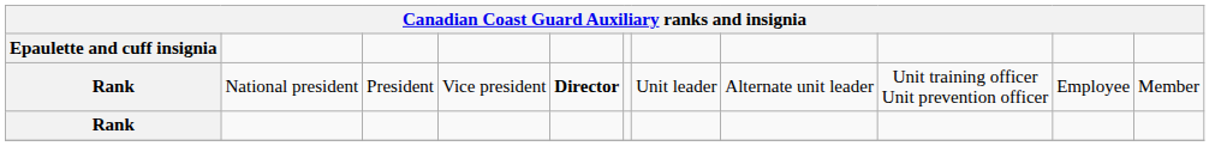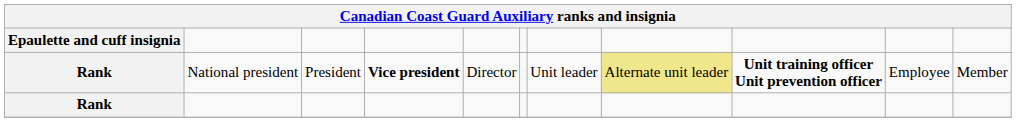 <table class="wikitable" style="text-align: center;">
 <tr>
 <th colspan=20><a href='#'>Canadian Coast Guard Auxiliary</a> ranks and insignia</th>
 </tr>
 <tr>
 <th>Epaulette and cuff insignia</th>
 <td></td>
 <td></td>
 <td></td>
 <td></td>
 <td></td>
 <td></td>
 <td></td>
 <td></td>
 <td></td>
 <td></td>
 </tr>
 <tr>
 <th>Rank</th>
 <td>National president</td>
 <td>President</td>
-<td>Vice president</td>
-<td><strong>Director</strong></td>
+<td><strong>Vice president</strong></td>
+<td>Director</td>
 <td></td>
 <td>Unit leader</td>
-<td>Alternate unit leader</td>
-<td>Unit training officer<br>Unit prevention officer</td>
+<td style="background: khaki;">Alternate unit leader</td>
+<td><strong>Unit training officer<br>Unit prevention officer</strong></td>
 <td>Employee</td>
 <td>Member</td>
 </tr>
 <tr>
 <th>Rank</th>
 <td></td>
 <td></td>
 <td></td>
 <td></td>
 <td></td>
 <td></td>
 <td></td>
 <td></td>
 <td></td>
 <td></td>
 </tr>
 <tr>
 </tr>
 </table>
